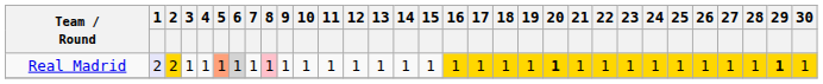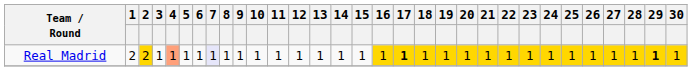 <table class="wikitable sortable" style="text-align:center;">
 <tr>
 <th width="120" rowspan="2" align="left"><small>Team /<br> Round</small></th>
 <th width="2">1</th>
 <th width="2">2</th>
 <th width="2">3</th>
 <th width="2">4</th>
 <th width="2">5</th>
 <th width="2">6</th>
 <th width="2">7</th>
 <th width="2">8</th>
 <th width="2">9</th>
 <th width="2">10</th>
 <th width="2">11</th>
 <th width="2">12</th>
 <th width="2">13</th>
 <th width="2">14</th>
 <th width="2">15</th>
 <th width="2">16</th>
 <th width="2">17</th>
 <th width="2">18</th>
 <th width="2">19</th>
 <th width="2">20</th>
 <th width="2">21</th>
 <th width="2">22</th>
 <th width="2">23</th>
 <th width="2">24</th>
 <th width="2">25</th>
 <th width="2">26</th>
 <th width="2">27</th>
 <th width="2">28</th>
 <th width="2">29</th>
 <th width="2">30</th>
 </tr>
 <tr>
 <th width="2"><br></th>
 <th width="2"></th>
 <th width="2"></th>
 <th width="2"></th>
 <th width="2"></th>
 <th width="2"></th>
 <th width="2"></th>
 <th width="2"></th>
 <th width="2"></th>
 <th width="2"></th>
 <th width="2"></th>
 <th width="2"></th>
 <th width="2"></th>
 <th width="2"></th>
 <th width="2"></th>
 <th width="2"></th>
 <th width="2"></th>
 <th width="2"></th>
 <th width="2"></th>
 <th width="2"></th>
 <th width="2"></th>
 <th width="2"></th>
 <th width="2"></th>
 <th width="2"></th>
 <th width="2"></th>
 <th width="2"></th>
 <th width="2"></th>
 <th width="2"></th>
 <th width="2"></th>
 <th width="2"></th>
 </tr>
 <tr>
 <td><a href='#'>Real Madrid</a></td>
-<td style="background: lavender;">2</td>
+<td>2</td>
 <td style="background: #FFD700">2</td>
 <td>1</td>
+<td style="background: lightsalmon;">1</td>
 <td>1</td>
-<td style="background: lightsalmon;">1</td>
-<td style="background: lightgrey;">1</td>
 <td>1</td>
-<td style="background: pink;">1</td>
+<td style="background: lavender;">1</td>
+<td>1</td>
 <td>1</td>
 <td>1</td>
 <td>1</td>
 <td>1</td>
 <td>1</td>
 <td>1</td>
 <td>1</td>
 <td style="background: #FFD700">1</td>
+<td style="background: #FFD700"><strong>1</strong></td>
 <td style="background: #FFD700">1</td>
 <td style="background: #FFD700">1</td>
 <td style="background: #FFD700">1</td>
-<td style="background: #FFD700"><strong>1</strong></td>
 <td style="background: #FFD700">1</td>
 <td style="background: #FFD700">1</td>
 <td style="background: #FFD700">1</td>
 <td style="background: #FFD700">1</td>
 <td style="background: #FFD700">1</td>
 <td style="background: #FFD700">1</td>
 <td style="background: #FFD700">1</td>
 <td style="background: #FFD700">1</td>
 <td style="background: #FFD700"><strong>1</strong></td>
 <td style="background: #FFD700">1</td>
 </tr>
 <tr>
 </tr>
 </table>
